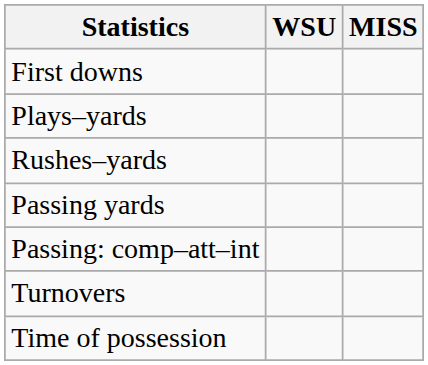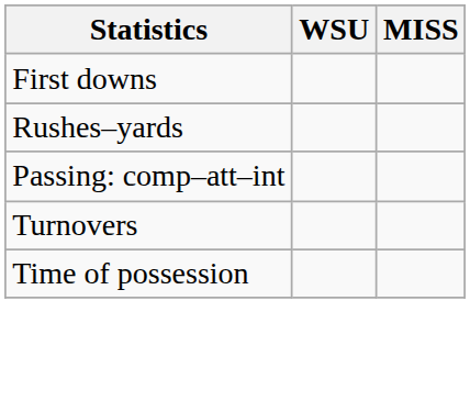 <table class="wikitable" style="float:left">
 <tr>
 <th>Statistics</th>
 <th>WSU</th>
 <th>MISS</th>
 </tr>
 <tr>
 <td>First downs</td>
 <td></td>
 <td></td>
 </tr>
 <tr>
-<td>Plays–yards</td>
-<td></td>
-<td></td>
-</tr>
-<tr>
 <td>Rushes–yards</td>
-<td></td>
-<td></td>
-</tr>
-<tr>
-<td>Passing yards</td>
 <td></td>
 <td></td>
 </tr>
 <tr>
 <td>Passing: comp–att–int</td>
 <td></td>
 <td></td>
 </tr>
 <tr>
 <td>Turnovers</td>
 <td></td>
 <td></td>
 </tr>
 <tr>
 <td>Time of possession</td>
 <td></td>
 <td></td>
 </tr>
 </table>
